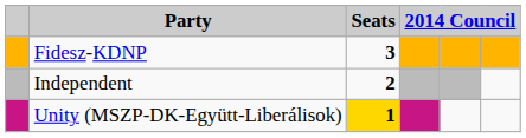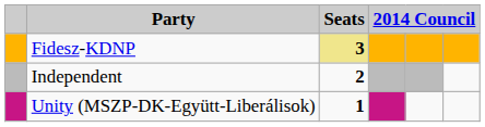 <table class="wikitable">
 <tr>
 <th style="background:#ccc">   </th>
 <th style="background:#ccc">Party</th>
 <th style="background:#ccc">Seats</th>
 <th style="background:#ccc" colspan="3"><a href='#'>2014 Council</a></th>
 </tr>
 <tr>
 <td style="background-color: #FFB400"> </td>
 <td><a href='#'>Fidesz</a>-<a href='#'>KDNP</a></td>
-<td style="text-align: right"><strong>3</strong></td>
+<td style="background: khaki; text-align: right"><strong>3</strong></td>
 <td style="background-color: #FFB400"> </td>
 <td style="background-color: #FFB400"> </td>
 <td style="background-color: #FFB400"> </td>
 </tr>
 <tr>
 <td style="background-color: #bbbbbb"> </td>
 <td>Independent</td>
 <td style="text-align: right"><strong>2</strong></td>
 <td style="background-color: #bbbbbb"> </td>
 <td style="background-color: #bbbbbb"> </td>
 <td> </td>
 </tr>
 <tr>
 <td style="background-color: #C71585"> </td>
 <td><a href='#'>Unity</a> (MSZP-DK-Együtt-Liberálisok)</td>
-<td style="background: gold; text-align: right"><strong>1</strong></td>
+<td style="text-align: right"><strong>1</strong></td>
 <td style="background-color: #C71585"> </td>
 <td> </td>
 <td> </td>
 </tr>
 </table>
